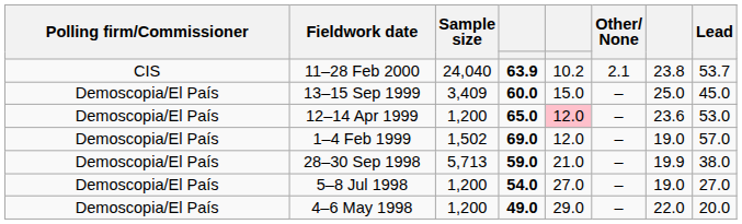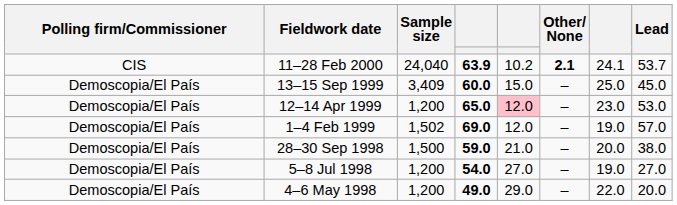 <table class="wikitable collapsible collapsed" style="text-align:center; font-size:90%; line-height:14px;">
 <tr style="height:42px;">
 <th style="width:250px;" rowspan="2">Polling firm/Commissioner</th>
 <th style="width:125px;" rowspan="2">Fieldwork date</th>
 <th style="width:50px;" rowspan="2">Sample size</th>
 <th style="width:35px;"></th>
 <th style="width:35px;"></th>
 <th style="width:35px;" rowspan="2">Other/<br>None</th>
 <th style="width:35px;" rowspan="2"></th>
 <th style="width:30px;" rowspan="2">Lead</th>
 </tr>
 <tr>
 <th style="color:inherit;background:"></th>
 <th style="color:inherit;background:"></th>
 </tr>
 <tr>
 <td>CIS</td>
 <td>11–28 Feb 2000</td>
 <td>24,040</td>
 <td><strong>63.9</strong></td>
 <td>10.2</td>
-<td>2.1</td>
-<td>23.8</td>
+<td><strong>2.1</strong></td>
+<td>24.1</td>
 <td style="background:">53.7</td>
 </tr>
 <tr>
 <td>Demoscopia/El País</td>
 <td>13–15 Sep 1999</td>
 <td>3,409</td>
 <td><strong>60.0</strong></td>
 <td>15.0</td>
 <td>–</td>
 <td>25.0</td>
 <td style="background:">45.0</td>
 </tr>
 <tr>
 <td>Demoscopia/El País</td>
 <td>12–14 Apr 1999</td>
 <td>1,200</td>
 <td><strong>65.0</strong></td>
 <td style="background: pink;">12.0</td>
 <td>–</td>
-<td>23.6</td>
+<td>23.0</td>
 <td style="background:">53.0</td>
 </tr>
 <tr>
 <td>Demoscopia/El País</td>
 <td>1–4 Feb 1999</td>
 <td>1,502</td>
 <td><strong>69.0</strong></td>
 <td>12.0</td>
 <td>–</td>
 <td>19.0</td>
 <td style="background:">57.0</td>
 </tr>
 <tr>
 <td>Demoscopia/El País</td>
 <td>28–30 Sep 1998</td>
-<td>5,713</td>
+<td>1,500</td>
 <td><strong>59.0</strong></td>
 <td>21.0</td>
 <td>–</td>
-<td>19.9</td>
+<td>20.0</td>
 <td style="background:">38.0</td>
 </tr>
 <tr>
 <td>Demoscopia/El País</td>
 <td>5–8 Jul 1998</td>
 <td>1,200</td>
 <td><strong>54.0</strong></td>
 <td>27.0</td>
 <td>–</td>
 <td>19.0</td>
 <td style="background:">27.0</td>
 </tr>
 <tr>
 <td>Demoscopia/El País</td>
 <td>4–6 May 1998</td>
 <td>1,200</td>
 <td><strong>49.0</strong></td>
 <td>29.0</td>
 <td>–</td>
 <td>22.0</td>
 <td style="background:">20.0</td>
 </tr>
 </table>
